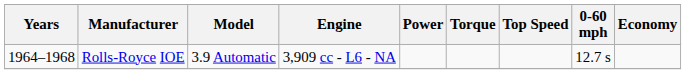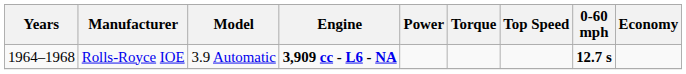 <table class="wikitable" style="text-align:center;">
 <tr>
 </tr>
 <tr style="background:#dcdcdc; text-align:center; vertical-align:middle;">
 <th>Years</th>
 <th>Manufacturer</th>
 <th>Model</th>
 <th>Engine</th>
 <th>Power</th>
 <th>Torque</th>
 <th>Top Speed</th>
 <th>0-60<br>mph</th>
 <th>Economy</th>
 </tr>
 <tr>
 <td>1964–1968</td>
 <td><a href='#'>Rolls-Royce</a> <a href='#'>IOE</a></td>
 <td>3.9 <a href='#'>Automatic</a></td>
-<td>3,909 <a href='#'>cc</a> - <a href='#'>L6</a> - <a href='#'>NA</a></td>
+<td><strong>3,909 <a href='#'>cc</a> - <a href='#'>L6</a> - <a href='#'>NA</a></strong></td>
 <td></td>
 <td></td>
 <td></td>
-<td>12.7 s</td>
+<td><strong>12.7 s</strong></td>
 <td></td>
 </tr>
 <tr>
 </tr>
 </table>
